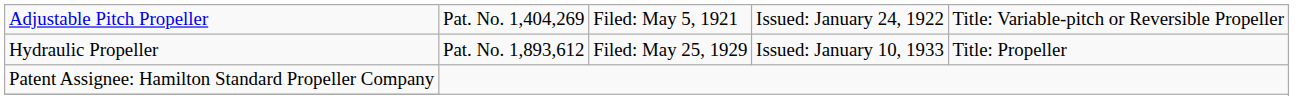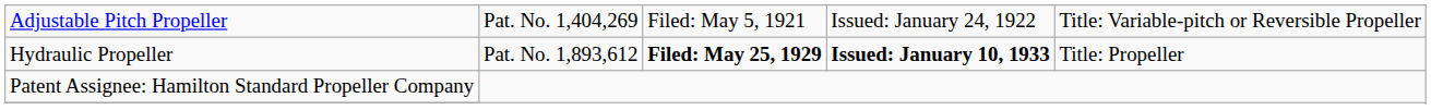 <table class="wikitable">
 <tr>
 <td><a href='#'>Adjustable Pitch Propeller</a></td>
 <td>Pat. No. 1,404,269</td>
 <td>Filed: May 5, 1921</td>
 <td>Issued: January 24, 1922</td>
 <td>Title: Variable-pitch or Reversible Propeller</td>
 </tr>
 <tr>
 <td>Hydraulic Propeller</td>
 <td>Pat. No. 1,893,612</td>
-<td>Filed: May 25, 1929</td>
-<td>Issued: January 10, 1933</td>
+<td><strong>Filed: May 25, 1929</strong></td>
+<td><strong>Issued: January 10, 1933</strong></td>
 <td>Title: Propeller</td>
 </tr>
 <tr>
 <td>Patent Assignee: Hamilton Standard Propeller Company</td>
 </tr>
 <tr>
 </tr>
 </table>
